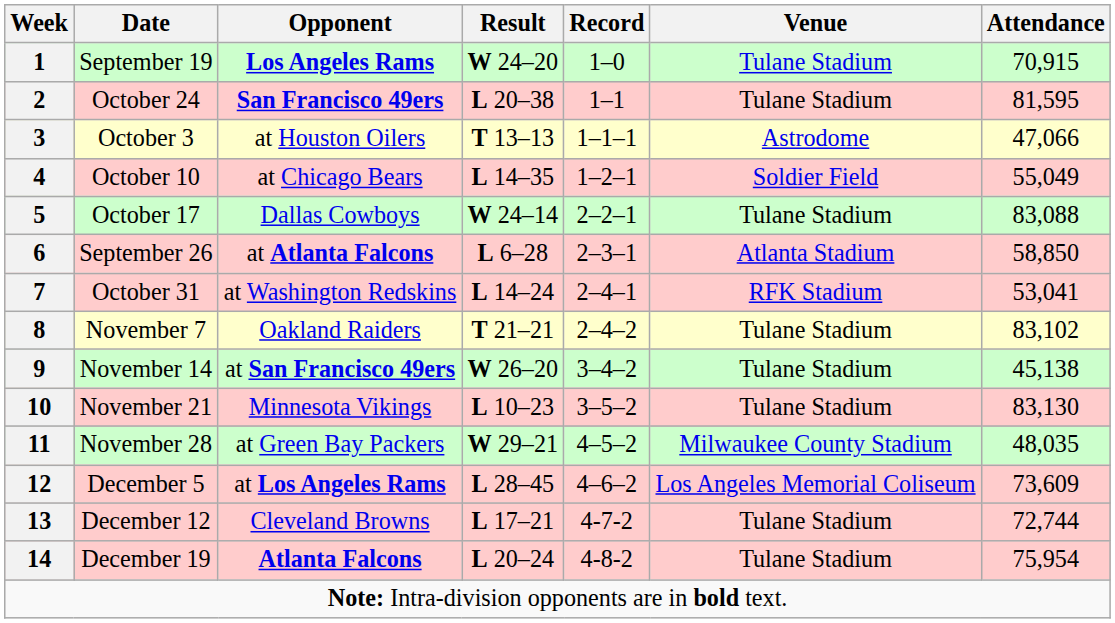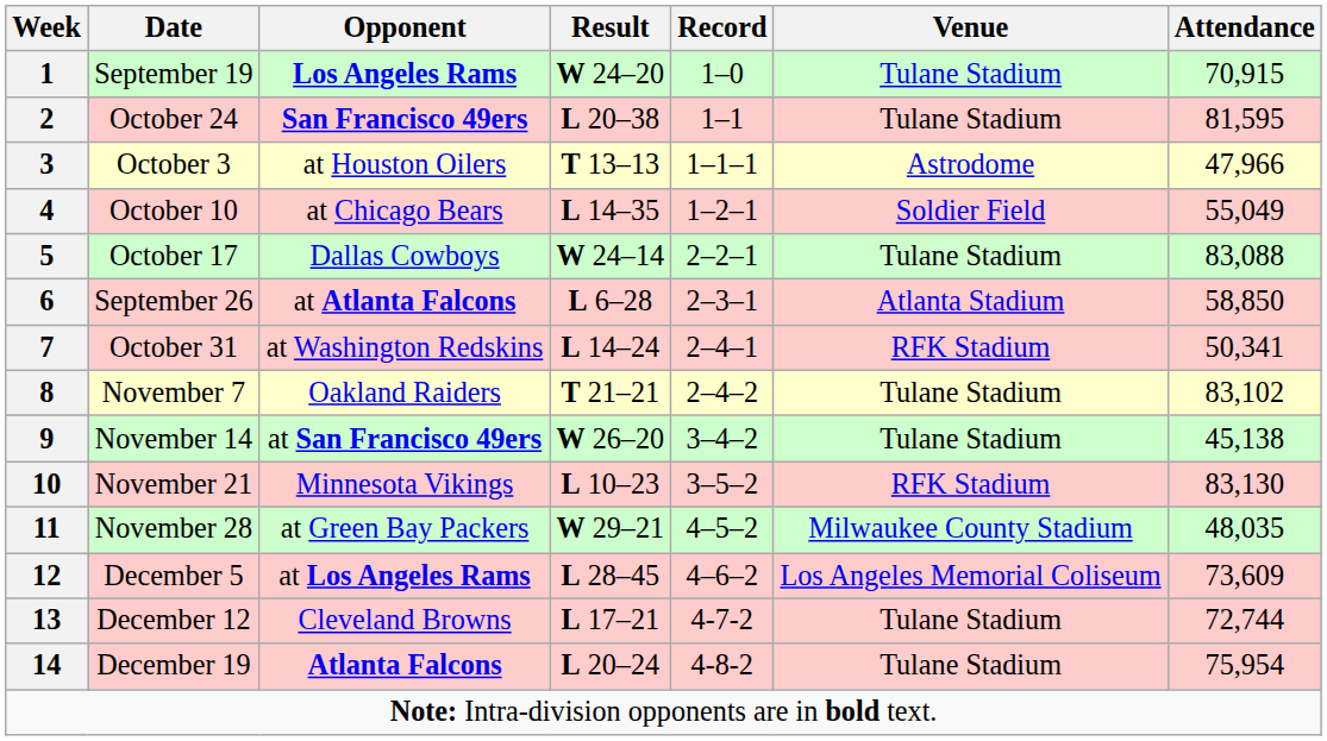 <table class="wikitable" style="text-align:center">
 <tr>
 <th>Week</th>
 <th>Date</th>
 <th>Opponent</th>
 <th>Result</th>
 <th>Record</th>
 <th>Venue</th>
 <th>Attendance</th>
 </tr>
 <tr style="background:#cfc">
 <th>1</th>
 <td>September 19</td>
 <td><strong><a href='#'>Los Angeles Rams</a></strong></td>
 <td><strong>W</strong> 24–20</td>
 <td>1–0</td>
 <td><a href='#'>Tulane Stadium</a></td>
 <td>70,915</td>
 </tr>
 <tr style="background:#fcc">
 <th>2</th>
 <td>October 24</td>
 <td><strong><a href='#'>San Francisco 49ers</a></strong></td>
 <td><strong>L</strong> 20–38</td>
 <td>1–1</td>
 <td>Tulane Stadium</td>
 <td>81,595</td>
 </tr>
 <tr style="background:#ffc">
 <th>3</th>
 <td>October 3</td>
 <td>at <a href='#'>Houston Oilers</a></td>
 <td><strong>T</strong> 13–13</td>
 <td>1–1–1</td>
 <td><a href='#'>Astrodome</a></td>
-<td>47,066</td>
+<td>47,966</td>
 </tr>
 <tr style="background:#fcc">
 <th>4</th>
 <td>October 10</td>
 <td>at <a href='#'>Chicago Bears</a></td>
 <td><strong>L</strong> 14–35</td>
 <td>1–2–1</td>
 <td><a href='#'>Soldier Field</a></td>
 <td>55,049</td>
 </tr>
 <tr style="background:#cfc">
 <th>5</th>
 <td>October 17</td>
 <td><a href='#'>Dallas Cowboys</a></td>
 <td><strong>W</strong> 24–14</td>
 <td>2–2–1</td>
 <td>Tulane Stadium</td>
 <td>83,088</td>
 </tr>
 <tr style="background:#fcc">
 <th>6</th>
 <td>September 26</td>
 <td>at <strong><a href='#'>Atlanta Falcons</a></strong></td>
 <td><strong>L</strong> 6–28</td>
 <td>2–3–1</td>
 <td><a href='#'>Atlanta Stadium</a></td>
 <td>58,850</td>
 </tr>
 <tr style="background:#fcc">
 <th>7</th>
 <td>October 31</td>
 <td>at <a href='#'>Washington Redskins</a></td>
 <td><strong>L</strong> 14–24</td>
 <td>2–4–1</td>
 <td><a href='#'>RFK Stadium</a></td>
-<td>53,041</td>
+<td>50,341</td>
 </tr>
 <tr style="background:#ffc">
 <th>8</th>
 <td>November 7</td>
 <td><a href='#'>Oakland Raiders</a></td>
 <td><strong>T</strong> 21–21</td>
 <td>2–4–2</td>
 <td>Tulane Stadium</td>
 <td>83,102</td>
 </tr>
 <tr style="background:#cfc">
 <th>9</th>
 <td>November 14</td>
 <td>at <strong><a href='#'>San Francisco 49ers</a></strong></td>
 <td><strong>W</strong> 26–20</td>
 <td>3–4–2</td>
 <td>Tulane Stadium</td>
 <td>45,138</td>
 </tr>
 <tr style="background:#fcc">
 <th>10</th>
 <td>November 21</td>
 <td><a href='#'>Minnesota Vikings</a></td>
 <td><strong>L</strong> 10–23</td>
 <td>3–5–2</td>
-<td>Tulane Stadium</td>
+<td><a href='#'>RFK Stadium</a></td>
 <td>83,130</td>
 </tr>
 <tr style="background:#cfc">
 <th>11</th>
 <td>November 28</td>
 <td>at <a href='#'>Green Bay Packers</a></td>
 <td><strong>W</strong> 29–21</td>
 <td>4–5–2</td>
 <td><a href='#'>Milwaukee County Stadium</a></td>
 <td>48,035</td>
 </tr>
 <tr style="background:#fcc">
 <th>12</th>
 <td>December 5</td>
 <td>at <strong><a href='#'>Los Angeles Rams</a></strong></td>
 <td><strong>L</strong> 28–45</td>
 <td>4–6–2</td>
 <td><a href='#'>Los Angeles Memorial Coliseum</a></td>
 <td>73,609</td>
 </tr>
 <tr style="background:#fcc">
 <th>13</th>
 <td>December 12</td>
 <td><a href='#'>Cleveland Browns</a></td>
 <td><strong>L</strong> 17–21</td>
 <td>4-7-2</td>
 <td>Tulane Stadium</td>
 <td>72,744</td>
 </tr>
 <tr style="background:#fcc">
 <th>14</th>
 <td>December 19</td>
 <td><strong><a href='#'>Atlanta Falcons</a></strong></td>
 <td><strong>L</strong> 20–24</td>
 <td>4-8-2</td>
 <td>Tulane Stadium</td>
 <td>75,954</td>
 </tr>
 <tr>
 <td colspan="7"><strong>Note:</strong> Intra-division opponents are in <strong>bold</strong> text.</td>
 </tr>
 </table>
